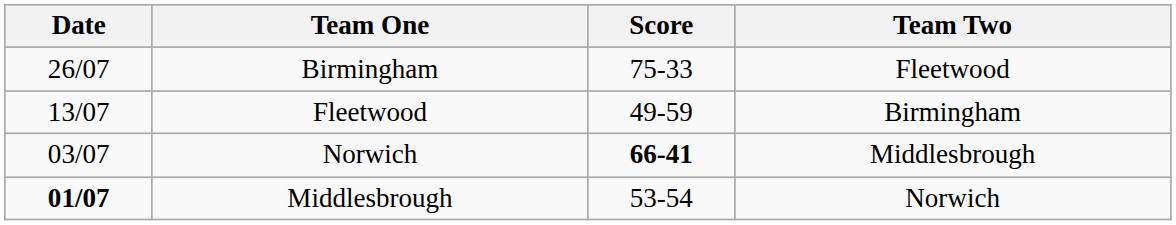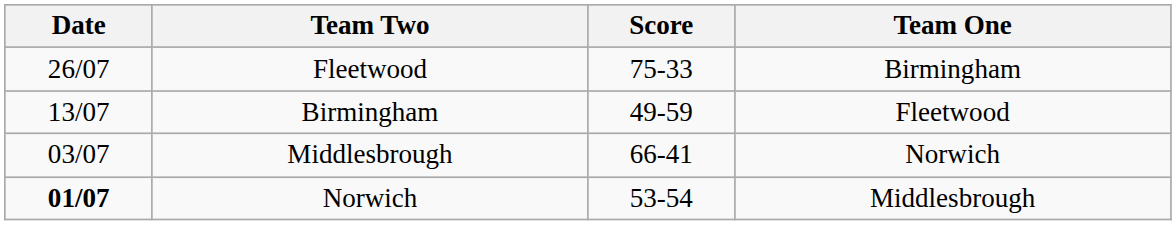 <table class="wikitable" style="text-align: center">
 <tr>
 <th width=80>Date</th>
+<th width=250>Team Two</th>
+<th width=80>Score</th>
 <th width=250>Team One</th>
-<th width=80>Score</th>
-<th width=250>Team Two</th>
 </tr>
 <tr>
 <td>26/07</td>
+<td>Fleetwood</td>
+<td>75-33</td>
 <td>Birmingham</td>
-<td>75-33</td>
+</tr>
+<tr>
+<td>13/07</td>
+<td>Birmingham</td>
+<td>49-59</td>
 <td>Fleetwood</td>
 </tr>
 <tr>
-<td>13/07</td>
-<td>Fleetwood</td>
-<td>49-59</td>
-<td>Birmingham</td>
-</tr>
-<tr>
 <td>03/07</td>
+<td>Middlesbrough</td>
+<td>66-41</td>
 <td>Norwich</td>
-<td><strong>66-41</strong></td>
-<td>Middlesbrough</td>
 </tr>
 <tr>
 <td><strong>01/07</strong></td>
+<td>Norwich</td>
+<td>53-54</td>
 <td>Middlesbrough</td>
-<td>53-54</td>
-<td>Norwich</td>
 </tr>
 </table>
